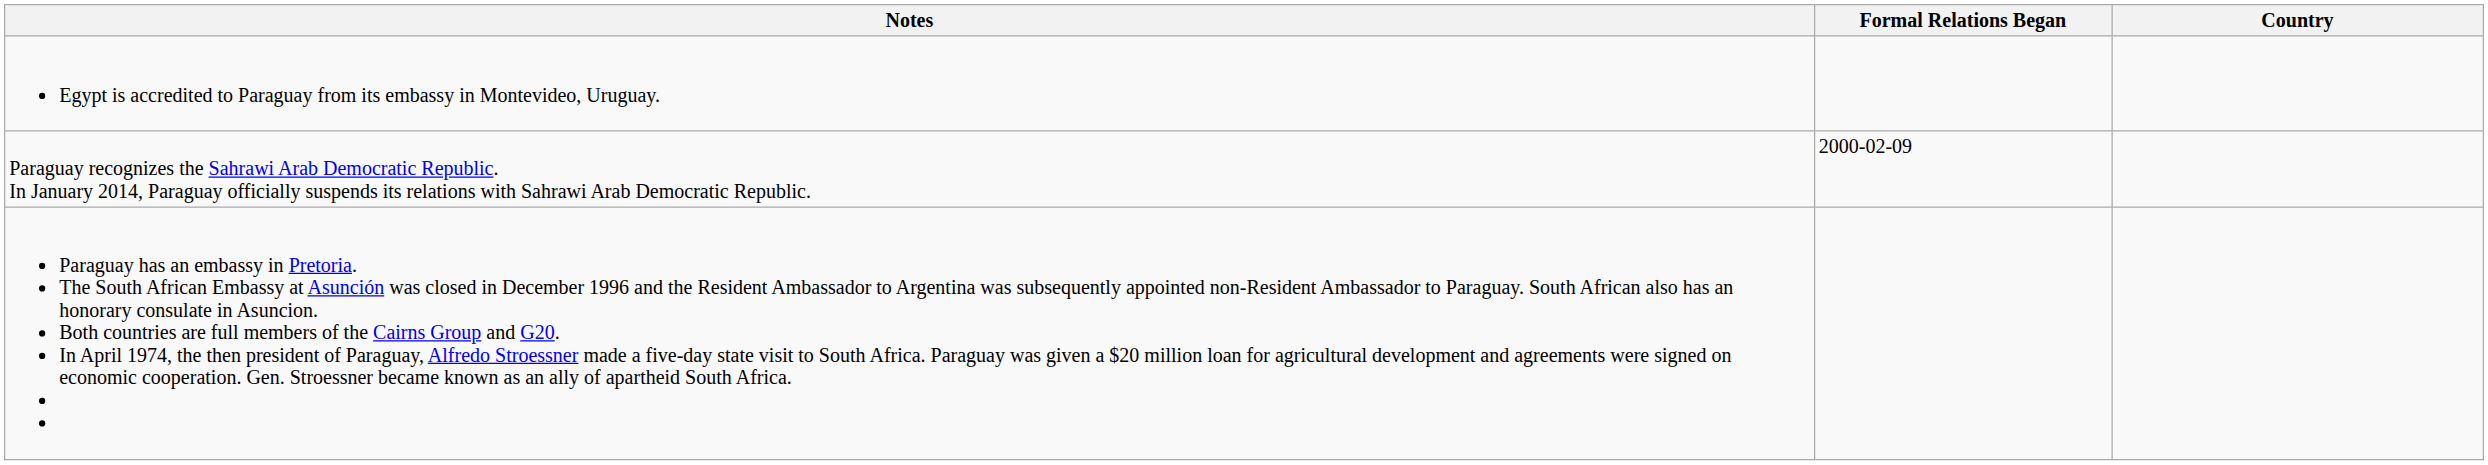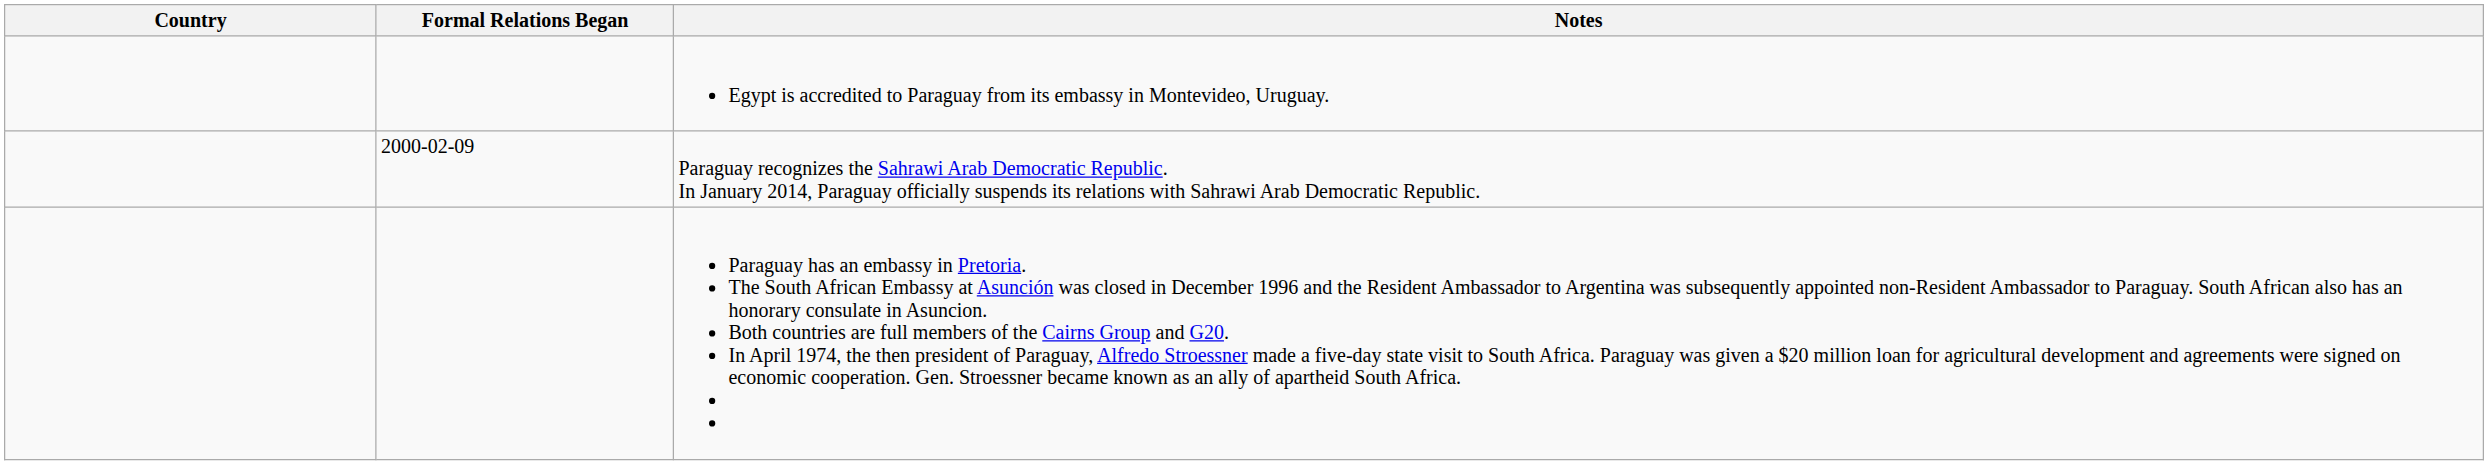 <table class="wikitable sortable" style="width:100%; margin:auto;">
 <tr>
+<th style="width:15%;">Country</th>
+<th style="width:12%;">Formal Relations Began</th>
 <th>Notes</th>
-<th style="width:12%;">Formal Relations Began</th>
-<th style="width:15%;">Country</th>
 </tr>
 <tr valign="top">
-<td><br><ul><li>Egypt is accredited to Paraguay from its embassy in Montevideo, Uruguay.</li></ul></td>
 <td></td>
 <td></td>
+<td><br><ul><li>Egypt is accredited to Paraguay from its embassy in Montevideo, Uruguay.</li></ul></td>
 </tr>
 <tr valign="top">
+<td></td>
+<td>2000-02-09</td>
 <td><br>Paraguay recognizes the <a href='#'>Sahrawi Arab Democratic Republic</a>.<br>In January 2014, Paraguay officially suspends its relations with Sahrawi Arab Democratic Republic.</td>
-<td>2000-02-09</td>
-<td></td>
 </tr>
 <tr valign="top">
-<td><br><ul><li>Paraguay has an embassy in <a href='#'>Pretoria</a>.</li><li>The South African Embassy at <a href='#'>Asunción</a> was closed in December 1996 and the Resident Ambassador to Argentina was subsequently appointed non-Resident Ambassador to Paraguay.  South African also has an honorary consulate in Asuncion.</li><li>Both countries are full members of the <a href='#'>Cairns Group</a> and <a href='#'>G20</a>.</li><li>In April 1974, the then president of Paraguay, <a href='#'>Alfredo Stroessner</a> made a five-day state visit to South Africa. Paraguay was given a $20 million loan for agricultural development and agreements were signed on economic cooperation. Gen. Stroessner became known as an ally of apartheid South Africa.</li><li> </li><li></li></ul></td>
 <td></td>
 <td></td>
+<td><br><ul><li>Paraguay has an embassy in <a href='#'>Pretoria</a>.</li><li>The South African Embassy at <a href='#'>Asunción</a> was closed in December 1996 and the Resident Ambassador to Argentina was subsequently appointed non-Resident Ambassador to Paraguay.  South African also has an honorary consulate in Asuncion.</li><li>Both countries are full members of the <a href='#'>Cairns Group</a> and <a href='#'>G20</a>.</li><li>In April 1974, the then president of Paraguay, <a href='#'>Alfredo Stroessner</a> made a five-day state visit to South Africa. Paraguay was given a $20 million loan for agricultural development and agreements were signed on economic cooperation. Gen. Stroessner became known as an ally of apartheid South Africa.</li><li> </li><li></li></ul></td>
 </tr>
 </table>
